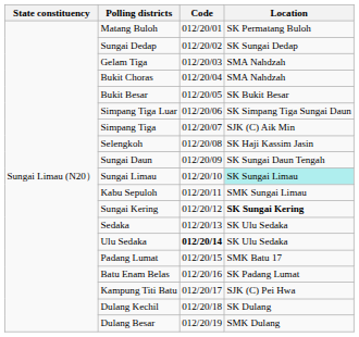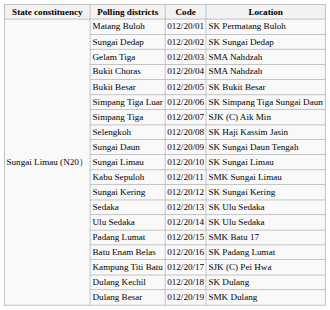 <table class="wikitable sortable mw-collapsible" style="white-space:nowrap;font-size:85%">
 <tr>
 <th>State constituency</th>
 <th>Polling districts</th>
 <th>Code</th>
 <th>Location</th>
 </tr>
 <tr>
 <td rowspan="19">Sungai Limau (N20）</td>
 <td>Matang Buloh</td>
 <td>012/20/01</td>
 <td>SK Permatang Buloh</td>
 </tr>
 <tr>
 <td>Sungai Dedap</td>
 <td>012/20/02</td>
 <td>SK Sungai Dedap</td>
 </tr>
 <tr>
 <td>Gelam Tiga</td>
 <td>012/20/03</td>
 <td>SMA Nahdzah</td>
 </tr>
 <tr>
 <td>Bukit Choras</td>
 <td>012/20/04</td>
 <td>SMA Nahdzah</td>
 </tr>
 <tr>
 <td>Bukit Besar</td>
 <td>012/20/05</td>
 <td>SK Bukit Besar</td>
 </tr>
 <tr>
 <td>Simpang Tiga Luar</td>
 <td>012/20/06</td>
 <td>SK Simpang Tiga Sungai Daun</td>
 </tr>
 <tr>
 <td>Simpang Tiga</td>
 <td>012/20/07</td>
 <td>SJK (C) Aik Min</td>
 </tr>
 <tr>
 <td>Selengkoh</td>
 <td>012/20/08</td>
 <td>SK Haji Kassim Jasin</td>
 </tr>
 <tr>
 <td>Sungai Daun</td>
 <td>012/20/09</td>
 <td>SK Sungai Daun Tengah</td>
 </tr>
 <tr>
 <td>Sungai Limau</td>
 <td>012/20/10</td>
-<td style="background: paleturquoise;">SK Sungai Limau</td>
+<td>SK Sungai Limau</td>
 </tr>
 <tr>
 <td>Kabu Sepuloh</td>
 <td>012/20/11</td>
 <td>SMK Sungai Limau</td>
 </tr>
 <tr>
 <td>Sungai Kering</td>
 <td>012/20/12</td>
-<td><strong>SK Sungai Kering</strong></td>
+<td>SK Sungai Kering</td>
 </tr>
 <tr>
 <td>Sedaka</td>
 <td>012/20/13</td>
 <td>SK Ulu Sedaka</td>
 </tr>
 <tr>
 <td>Ulu Sedaka</td>
-<td><strong>012/20/14</strong></td>
+<td>012/20/14</td>
 <td>SK Ulu Sedaka</td>
 </tr>
 <tr>
 <td>Padang Lumat</td>
 <td>012/20/15</td>
 <td>SMK Batu 17</td>
 </tr>
 <tr>
 <td>Batu Enam Belas</td>
 <td>012/20/16</td>
 <td>SK Padang Lumat</td>
 </tr>
 <tr>
 <td>Kampung Titi Batu</td>
 <td>012/20/17</td>
 <td>SJK (C) Pei Hwa</td>
 </tr>
 <tr>
 <td>Dulang Kechil</td>
 <td>012/20/18</td>
 <td>SK Dulang</td>
 </tr>
 <tr>
 <td>Dulang Besar</td>
 <td>012/20/19</td>
 <td>SMK Dulang</td>
 </tr>
 </table>
